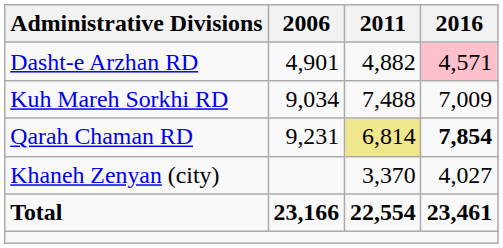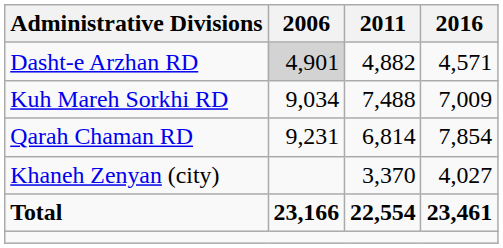 <table class="wikitable">
 <tr>
 <th>Administrative Divisions</th>
 <th>2006</th>
 <th>2011</th>
 <th>2016</th>
 </tr>
 <tr>
 <td><a href='#'>Dasht-e Arzhan RD</a></td>
-<td style="text-align: right;">4,901</td>
+<td style="background: lightgrey; text-align: right;">4,901</td>
 <td style="text-align: right;">4,882</td>
-<td style="background: pink; text-align: right;">4,571</td>
+<td style="text-align: right;">4,571</td>
 </tr>
 <tr>
 <td><a href='#'>Kuh Mareh Sorkhi RD</a></td>
 <td style="text-align: right;">9,034</td>
 <td style="text-align: right;">7,488</td>
 <td style="text-align: right;">7,009</td>
 </tr>
 <tr>
 <td><a href='#'>Qarah Chaman RD</a></td>
 <td style="text-align: right;">9,231</td>
-<td style="background: khaki; text-align: right;">6,814</td>
-<td style="text-align: right;"><strong>7,854</strong></td>
+<td style="text-align: right;">6,814</td>
+<td style="text-align: right;">7,854</td>
 </tr>
 <tr>
 <td><a href='#'>Khaneh Zenyan</a> (city)</td>
 <td style="text-align: right;"></td>
 <td style="text-align: right;">3,370</td>
 <td style="text-align: right;">4,027</td>
 </tr>
 <tr>
 <td><strong>Total</strong></td>
 <td style="text-align: right;"><strong>23,166</strong></td>
 <td style="text-align: right;"><strong>22,554</strong></td>
 <td style="text-align: right;"><strong>23,461</strong></td>
 </tr>
 <tr>
 <td colspan=4></td>
 </tr>
 </table>
